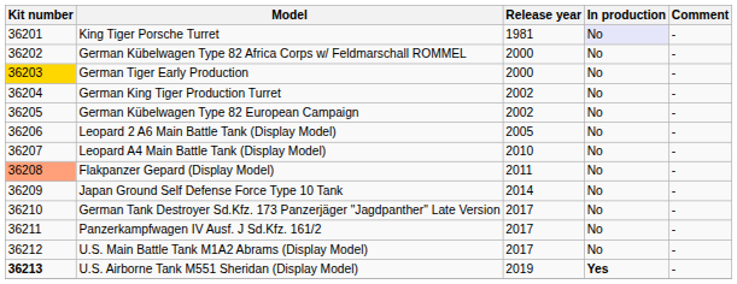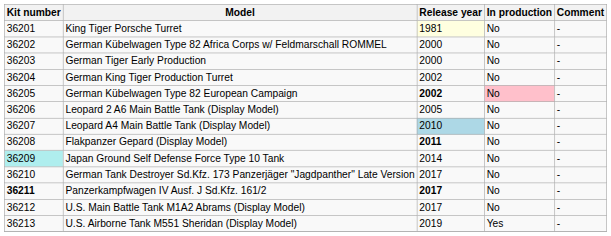 <table class="wikitable">
 <tr>
 <th>Kit number</th>
 <th>Model</th>
 <th>Release year</th>
 <th>In production</th>
 <th>Comment</th>
 </tr>
 <tr>
 <td>36201</td>
 <td>King Tiger Porsche Turret</td>
-<td>1981</td>
-<td style="background: lavender;">No</td>
+<td style="background: lightyellow;">1981</td>
+<td>No</td>
 <td>-</td>
 </tr>
 <tr>
 <td>36202</td>
 <td>German Kübelwagen Type 82 Africa Corps w/ Feldmarschall ROMMEL</td>
 <td>2000</td>
 <td>No</td>
 <td>-</td>
 </tr>
 <tr>
-<td style="background: gold;">36203</td>
+<td>36203</td>
 <td>German Tiger Early Production</td>
 <td>2000</td>
 <td>No</td>
 <td>-</td>
 </tr>
 <tr>
 <td>36204</td>
 <td>German King Tiger Production Turret</td>
 <td>2002</td>
 <td>No</td>
 <td>-</td>
 </tr>
 <tr>
 <td>36205</td>
 <td>German Kübelwagen Type 82 European Campaign</td>
-<td>2002</td>
-<td>No</td>
+<td><strong>2002</strong></td>
+<td style="background: pink;">No</td>
 <td>-</td>
 </tr>
 <tr>
 <td>36206</td>
 <td>Leopard 2 A6 Main Battle Tank (Display Model)</td>
 <td>2005</td>
 <td>No</td>
 <td>-</td>
 </tr>
 <tr>
 <td>36207</td>
 <td>Leopard A4 Main Battle Tank (Display Model)</td>
-<td>2010</td>
+<td style="background: lightblue;">2010</td>
 <td>No</td>
 <td>-</td>
 </tr>
 <tr>
-<td style="background: lightsalmon;">36208</td>
+<td>36208</td>
 <td>Flakpanzer Gepard (Display Model)</td>
-<td>2011</td>
+<td><strong>2011</strong></td>
 <td>No</td>
 <td>-</td>
 </tr>
 <tr>
-<td>36209</td>
+<td style="background: paleturquoise;">36209</td>
 <td>Japan Ground Self Defense Force Type 10 Tank</td>
 <td>2014</td>
 <td>No</td>
 <td>-</td>
 </tr>
 <tr>
 <td>36210</td>
 <td>German Tank Destroyer Sd.Kfz. 173 Panzerjäger "Jagdpanther" Late Version</td>
 <td>2017</td>
 <td>No</td>
 <td>-</td>
 </tr>
 <tr>
-<td>36211</td>
+<td><strong>36211</strong></td>
 <td>Panzerkampfwagen IV Ausf. J Sd.Kfz. 161/2</td>
-<td>2017</td>
+<td><strong>2017</strong></td>
 <td>No</td>
 <td>-</td>
 </tr>
 <tr>
 <td>36212</td>
 <td>U.S. Main Battle Tank M1A2 Abrams (Display Model)</td>
 <td>2017</td>
 <td>No</td>
 <td>-</td>
 </tr>
 <tr>
-<td><strong>36213</strong></td>
+<td>36213</td>
 <td>U.S. Airborne Tank M551 Sheridan (Display Model)</td>
 <td>2019</td>
-<td><strong>Yes</strong></td>
+<td>Yes</td>
 <td>-</td>
 </tr>
 <tr>
 </tr>
 </table>
